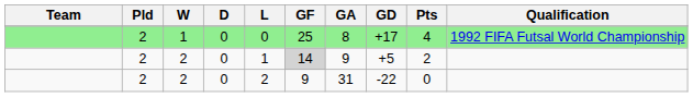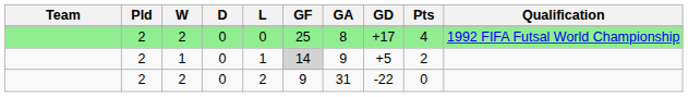 <table class="wikitable sortable" style="text-align: center;">
 <tr>
 <th width=130>Team</th>
 <th width=40>Pld</th>
 <th width=40>W</th>
 <th width=40>D</th>
 <th width=40>L</th>
 <th width=40>GF</th>
 <th width=40>GA</th>
 <th width=40>GD</th>
 <th width=40><strong>Pts</strong></th>
 <th>Qualification</th>
 </tr>
 <tr>
 </tr>
 <tr style="background: #90EE90;">
 <td></td>
 <td>2</td>
-<td>1</td>
+<td>2</td>
 <td>0</td>
 <td>0</td>
 <td>25</td>
 <td>8</td>
 <td>+17</td>
 <td>4</td>
 <td><a href='#'>1992 FIFA Futsal World Championship</a></td>
 </tr>
 <tr>
 <td></td>
 <td>2</td>
-<td>2</td>
+<td>1</td>
 <td>0</td>
 <td>1</td>
 <td style="background: lightgrey;">14</td>
 <td>9</td>
 <td>+5</td>
 <td>2</td>
 <td></td>
 </tr>
 <tr>
 <td></td>
 <td>2</td>
 <td>2</td>
 <td>0</td>
 <td>2</td>
 <td>9</td>
 <td>31</td>
 <td>-22</td>
 <td>0</td>
 <td></td>
 </tr>
 </table>
